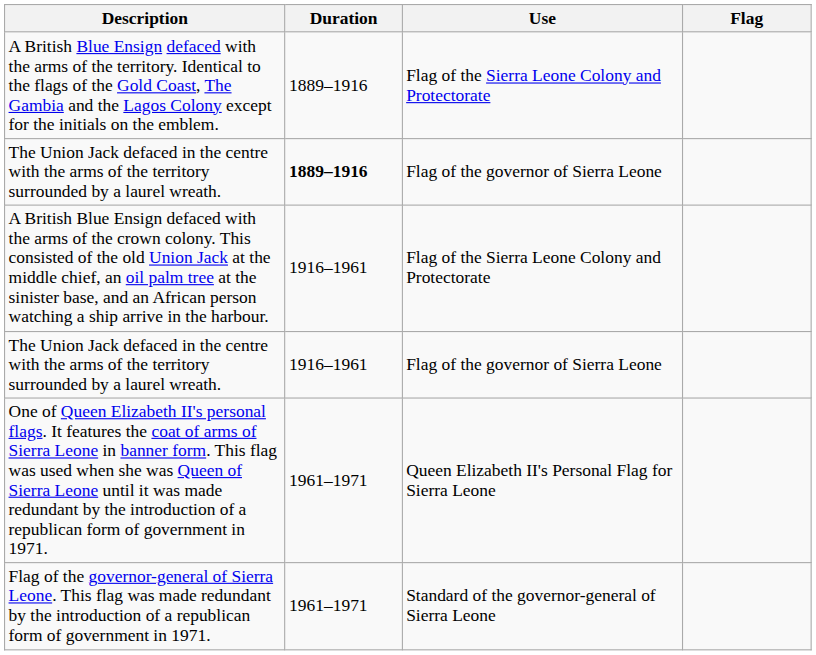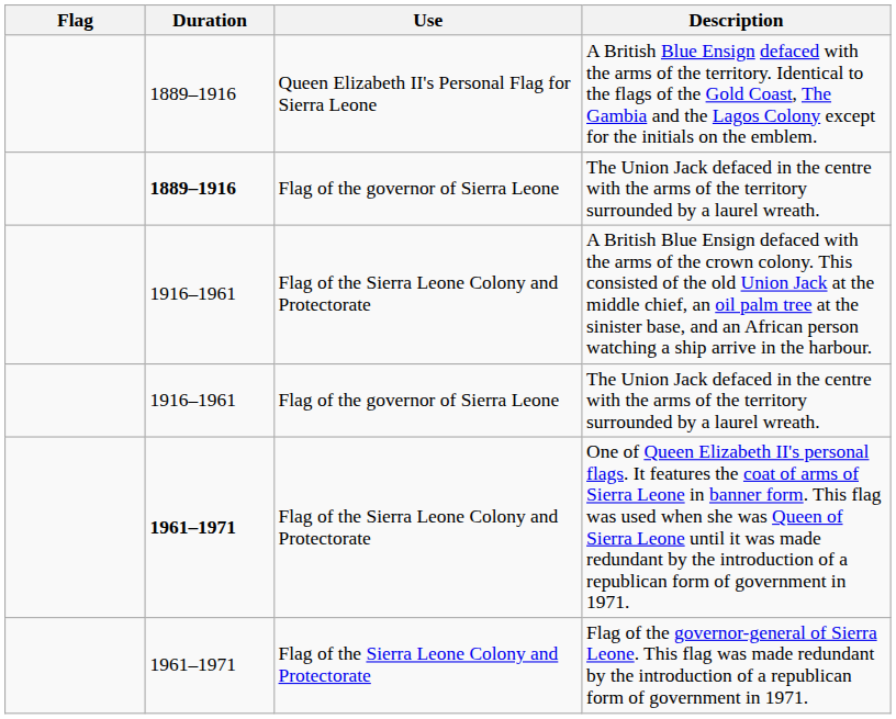 <table class="wikitable">
 <tr>
-<th style="width:250px;">Description</th>
+<th style="width:110px;">Flag</th>
 <th style="width:100px;">Duration</th>
 <th style="width:250px;">Use</th>
-<th style="width:110px;">Flag</th>
+<th style="width:250px;">Description</th>
 </tr>
 <tr>
+<td></td>
+<td>1889–1916</td>
+<td>Queen Elizabeth II's Personal Flag for Sierra Leone</td>
 <td>A British <a href='#'>Blue Ensign</a> <a href='#'>defaced</a> with the arms of the territory. Identical to the flags of the <a href='#'>Gold Coast</a>, <a href='#'>The Gambia</a> and the <a href='#'>Lagos Colony</a> except for the initials on the emblem.</td>
-<td>1889–1916</td>
-<td>Flag of the <a href='#'>Sierra Leone Colony and Protectorate</a></td>
-<td></td>
 </tr>
 <tr>
-<td>The Union Jack defaced in the centre with the arms of the territory surrounded by a laurel wreath.</td>
+<td></td>
 <td><strong>1889–1916</strong></td>
 <td>Flag of the governor of Sierra Leone</td>
-<td></td>
+<td>The Union Jack defaced in the centre with the arms of the territory surrounded by a laurel wreath.</td>
 </tr>
 <tr>
-<td>A British Blue Ensign defaced with the arms of the crown colony.  This consisted of the old <a href='#'>Union Jack</a> at the middle chief, an <a href='#'>oil palm tree</a> at the sinister base, and an African person watching a ship arrive in the harbour.</td>
+<td></td>
 <td>1916–1961</td>
 <td>Flag of the Sierra Leone Colony and Protectorate</td>
-<td></td>
+<td>A British Blue Ensign defaced with the arms of the crown colony.  This consisted of the old <a href='#'>Union Jack</a> at the middle chief, an <a href='#'>oil palm tree</a> at the sinister base, and an African person watching a ship arrive in the harbour.</td>
 </tr>
 <tr>
-<td>The Union Jack defaced in the centre with the arms of the territory surrounded by a laurel wreath.</td>
+<td></td>
 <td>1916–1961</td>
 <td>Flag of the governor of Sierra Leone</td>
-<td></td>
+<td>The Union Jack defaced in the centre with the arms of the territory surrounded by a laurel wreath.</td>
 </tr>
 <tr>
+<td></td>
+<td><strong>1961–1971</strong></td>
+<td>Flag of the Sierra Leone Colony and Protectorate</td>
 <td>One of <a href='#'>Queen Elizabeth II's personal flags</a>. It features the <a href='#'>coat of arms of Sierra Leone</a> in <a href='#'>banner form</a>. This flag was used when she was <a href='#'>Queen of Sierra Leone</a> until it was made redundant by the introduction of a republican form of government in 1971.</td>
-<td>1961–1971</td>
-<td>Queen Elizabeth II's Personal Flag for Sierra Leone</td>
-<td></td>
 </tr>
 <tr>
+<td></td>
+<td>1961–1971</td>
+<td>Flag of the <a href='#'>Sierra Leone Colony and Protectorate</a></td>
 <td>Flag of the <a href='#'>governor-general of Sierra Leone</a>. This flag was made redundant by the introduction of a republican form of government in 1971.</td>
-<td>1961–1971</td>
-<td>Standard of the governor-general of Sierra Leone</td>
-<td></td>
 </tr>
 </table>
